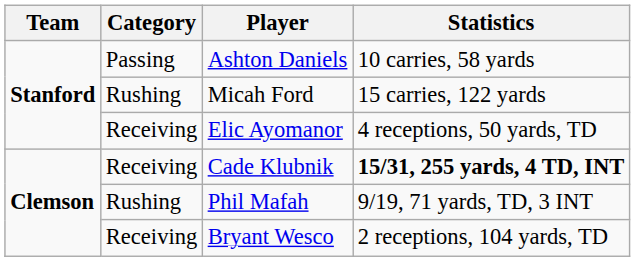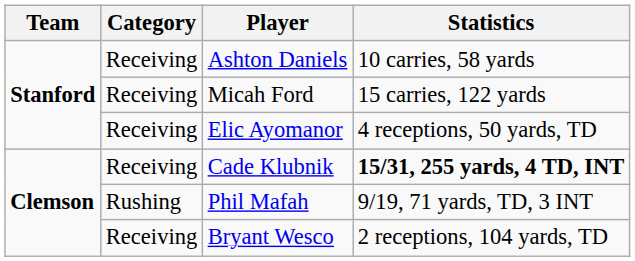 <table class="wikitable" style="float: right;">
 <tr>
 <th>Team</th>
 <th>Category</th>
 <th>Player</th>
 <th>Statistics</th>
 </tr>
 <tr>
 <td rowspan=3><strong>Stanford</strong></td>
-<td>Passing</td>
+<td>Receiving</td>
 <td><a href='#'>Ashton Daniels</a></td>
 <td>10 carries, 58 yards</td>
 </tr>
 <tr>
-<td>Rushing</td>
+<td>Receiving</td>
 <td>Micah Ford</td>
 <td>15 carries, 122 yards</td>
 </tr>
 <tr>
 <td>Receiving</td>
 <td><a href='#'>Elic Ayomanor</a></td>
 <td>4 receptions, 50 yards, TD</td>
 </tr>
 <tr>
 <td rowspan=3><strong>Clemson</strong></td>
 <td>Receiving</td>
 <td><a href='#'>Cade Klubnik</a></td>
 <td><strong>15/31, 255 yards, 4 TD, INT</strong></td>
 </tr>
 <tr>
 <td>Rushing</td>
 <td><a href='#'>Phil Mafah</a></td>
 <td>9/19, 71 yards, TD, 3 INT</td>
 </tr>
 <tr>
 <td>Receiving</td>
 <td><a href='#'>Bryant Wesco</a></td>
 <td>2 receptions, 104 yards, TD</td>
 </tr>
 </table>
